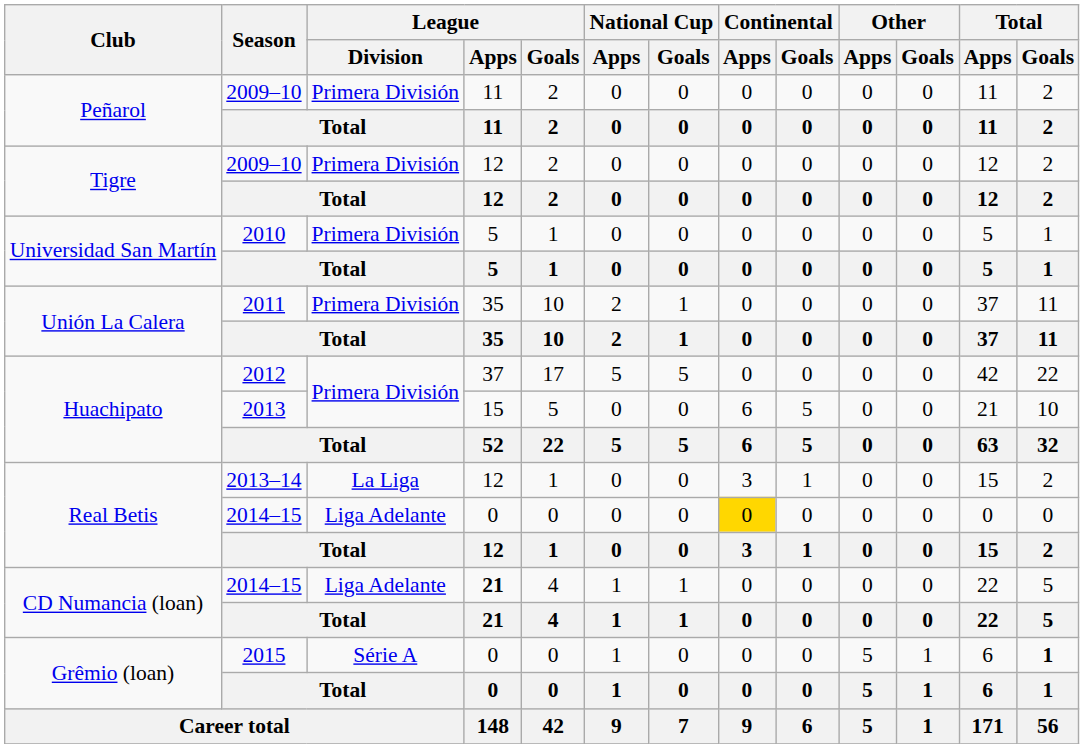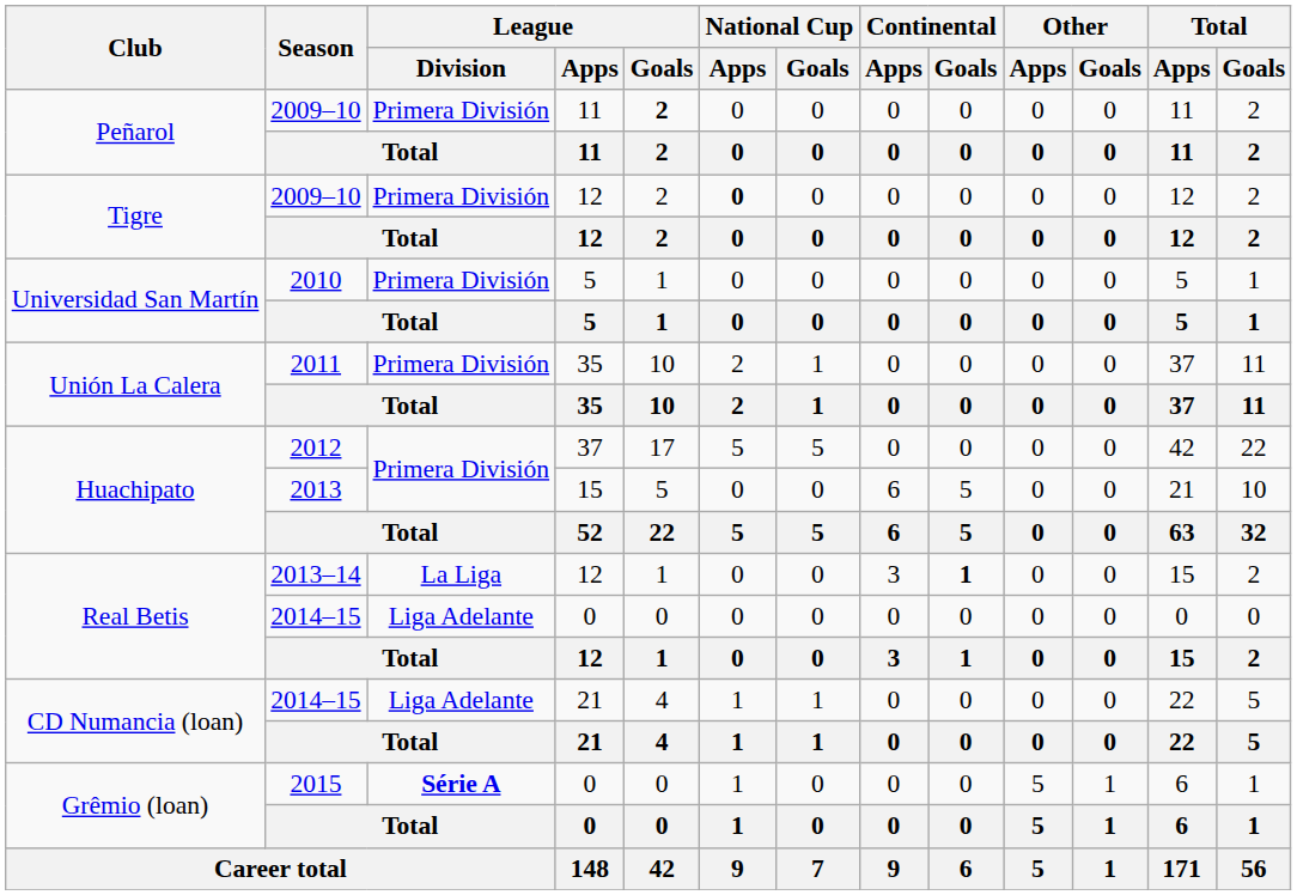 <table class="wikitable" style="font-size:96%; text-align: center;">
 <tr>
 <th rowspan="2">Club</th>
 <th rowspan="2">Season</th>
 <th colspan="3">League</th>
 <th colspan="2">National Cup</th>
 <th colspan="2">Continental</th>
 <th colspan="2">Other</th>
 <th colspan="2">Total</th>
 </tr>
 <tr>
 <th>Division</th>
 <th>Apps</th>
 <th>Goals</th>
 <th>Apps</th>
 <th>Goals</th>
 <th>Apps</th>
 <th>Goals</th>
 <th>Apps</th>
 <th>Goals</th>
 <th>Apps</th>
 <th>Goals</th>
 </tr>
 <tr>
 <td rowspan="2" valign="center"><a href='#'>Peñarol</a></td>
 <td><a href='#'>2009–10</a></td>
 <td><a href='#'>Primera División</a></td>
 <td>11</td>
-<td>2</td>
+<td><strong>2</strong></td>
 <td>0</td>
 <td>0</td>
 <td>0</td>
 <td>0</td>
 <td>0</td>
 <td>0</td>
 <td>11</td>
 <td>2</td>
 </tr>
 <tr>
 <th colspan="2">Total</th>
 <th>11</th>
 <th>2</th>
 <th>0</th>
 <th>0</th>
 <th>0</th>
 <th>0</th>
 <th>0</th>
 <th>0</th>
 <th>11</th>
 <th>2</th>
 </tr>
 <tr>
 <td rowspan="2" valign="center"><a href='#'>Tigre</a></td>
 <td><a href='#'>2009–10</a></td>
 <td><a href='#'>Primera División</a></td>
 <td>12</td>
 <td>2</td>
-<td>0</td>
+<td><strong>0</strong></td>
 <td>0</td>
 <td>0</td>
 <td>0</td>
 <td>0</td>
 <td>0</td>
 <td>12</td>
 <td>2</td>
 </tr>
 <tr>
 <th colspan="2">Total</th>
 <th>12</th>
 <th>2</th>
 <th>0</th>
 <th>0</th>
 <th>0</th>
 <th>0</th>
 <th>0</th>
 <th>0</th>
 <th>12</th>
 <th>2</th>
 </tr>
 <tr>
 <td rowspan="2" valign="center"><a href='#'>Universidad San Martín</a></td>
 <td><a href='#'>2010</a></td>
 <td><a href='#'>Primera División</a></td>
 <td>5</td>
 <td>1</td>
 <td>0</td>
 <td>0</td>
 <td>0</td>
 <td>0</td>
 <td>0</td>
 <td>0</td>
 <td>5</td>
 <td>1</td>
 </tr>
 <tr>
 <th colspan="2">Total</th>
 <th>5</th>
 <th>1</th>
 <th>0</th>
 <th>0</th>
 <th>0</th>
 <th>0</th>
 <th>0</th>
 <th>0</th>
 <th>5</th>
 <th>1</th>
 </tr>
 <tr>
 <td rowspan="2" valign="center"><a href='#'>Unión La Calera</a></td>
 <td><a href='#'>2011</a></td>
 <td><a href='#'>Primera División</a></td>
 <td>35</td>
 <td>10</td>
 <td>2</td>
 <td>1</td>
 <td>0</td>
 <td>0</td>
 <td>0</td>
 <td>0</td>
 <td>37</td>
 <td>11</td>
 </tr>
 <tr>
 <th colspan="2">Total</th>
 <th>35</th>
 <th>10</th>
 <th>2</th>
 <th>1</th>
 <th>0</th>
 <th>0</th>
 <th>0</th>
 <th>0</th>
 <th>37</th>
 <th>11</th>
 </tr>
 <tr>
 <td rowspan="3" valign="center"><a href='#'>Huachipato</a></td>
 <td><a href='#'>2012</a></td>
 <td rowspan="2"><a href='#'>Primera División</a></td>
 <td>37</td>
 <td>17</td>
 <td>5</td>
 <td>5</td>
 <td>0</td>
 <td>0</td>
 <td>0</td>
 <td>0</td>
 <td>42</td>
 <td>22</td>
 </tr>
 <tr>
 <td><a href='#'>2013</a></td>
 <td>15</td>
 <td>5</td>
 <td>0</td>
 <td>0</td>
 <td>6</td>
 <td>5</td>
 <td>0</td>
 <td>0</td>
 <td>21</td>
 <td>10</td>
 </tr>
 <tr>
 <th colspan="2">Total</th>
 <th>52</th>
 <th>22</th>
 <th>5</th>
 <th>5</th>
 <th>6</th>
 <th>5</th>
 <th>0</th>
 <th>0</th>
 <th>63</th>
 <th>32</th>
 </tr>
 <tr>
 <td rowspan="3" valign="center"><a href='#'>Real Betis</a></td>
 <td><a href='#'>2013–14</a></td>
 <td><a href='#'>La Liga</a></td>
 <td>12</td>
 <td>1</td>
 <td>0</td>
 <td>0</td>
 <td>3</td>
-<td>1</td>
+<td><strong>1</strong></td>
 <td>0</td>
 <td>0</td>
 <td>15</td>
 <td>2</td>
 </tr>
 <tr>
 <td><a href='#'>2014–15</a></td>
 <td><a href='#'>Liga Adelante</a></td>
 <td>0</td>
 <td>0</td>
 <td>0</td>
 <td>0</td>
-<td style="background: gold;">0</td>
+<td>0</td>
 <td>0</td>
 <td>0</td>
 <td>0</td>
 <td>0</td>
 <td>0</td>
 </tr>
 <tr>
 <th colspan="2">Total</th>
 <th>12</th>
 <th>1</th>
 <th>0</th>
 <th>0</th>
 <th>3</th>
 <th>1</th>
 <th>0</th>
 <th>0</th>
 <th>15</th>
 <th>2</th>
 </tr>
 <tr>
 <td rowspan="2" valign="center"><a href='#'>CD Numancia</a> (loan)</td>
 <td><a href='#'>2014–15</a></td>
 <td><a href='#'>Liga Adelante</a></td>
-<td><strong>21</strong></td>
+<td>21</td>
 <td>4</td>
 <td>1</td>
 <td>1</td>
 <td>0</td>
 <td>0</td>
 <td>0</td>
 <td>0</td>
 <td>22</td>
 <td>5</td>
 </tr>
 <tr>
 <th colspan="2">Total</th>
 <th>21</th>
 <th>4</th>
 <th>1</th>
 <th>1</th>
 <th>0</th>
 <th>0</th>
 <th>0</th>
 <th>0</th>
 <th>22</th>
 <th>5</th>
 </tr>
 <tr>
 <td rowspan="2" valign="center"><a href='#'>Grêmio</a> (loan)</td>
 <td><a href='#'>2015</a></td>
-<td><a href='#'>Série A</a></td>
+<td><strong><a href='#'>Série A</a></strong></td>
 <td>0</td>
 <td>0</td>
 <td>1</td>
 <td>0</td>
 <td>0</td>
 <td>0</td>
 <td>5</td>
 <td>1</td>
 <td>6</td>
-<td><strong>1</strong></td>
+<td>1</td>
 </tr>
 <tr>
 <th colspan="2">Total</th>
 <th>0</th>
 <th>0</th>
 <th>1</th>
 <th>0</th>
 <th>0</th>
 <th>0</th>
 <th>5</th>
 <th>1</th>
 <th>6</th>
 <th>1</th>
 </tr>
 <tr>
 <th colspan="3">Career total</th>
 <th>148</th>
 <th>42</th>
 <th>9</th>
 <th>7</th>
 <th>9</th>
 <th>6</th>
 <th>5</th>
 <th>1</th>
 <th>171</th>
 <th>56</th>
 </tr>
 </table>
